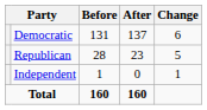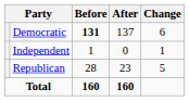 <table class="wikitable" style="text-align:center;">
 <tr>
 <th colspan="2">Party</th>
 <th>Before</th>
 <th>After</th>
 <th>Change</th>
 </tr>
 <tr>
 <th style="background-color:"></th>
 <td style="text-align:left;"><a href='#'>Democratic</a></td>
-<td>131</td>
+<td><strong>131</strong></td>
 <td>137</td>
 <td> 6</td>
+</tr>
+<tr>
+<th style="background-color:"></th>
+<td style="text-align:left;"><a href='#'>Independent</a></td>
+<td>1</td>
+<td>0</td>
+<td> 1</td>
 </tr>
 <tr>
 <th style="background-color:"></th>
 <td style="text-align:left;"><a href='#'>Republican</a></td>
 <td>28</td>
 <td>23</td>
 <td> 5</td>
 </tr>
 <tr>
-<th style="background-color:"></th>
-<td style="text-align:left;"><a href='#'>Independent</a></td>
-<td>1</td>
-<td>0</td>
-<td> 1</td>
-</tr>
-<tr>
 <td colspan="2"><strong>Total</strong></td>
 <td><strong>160</strong></td>
 <td><strong>160</strong></td>
 <td></td>
 </tr>
 </table>
